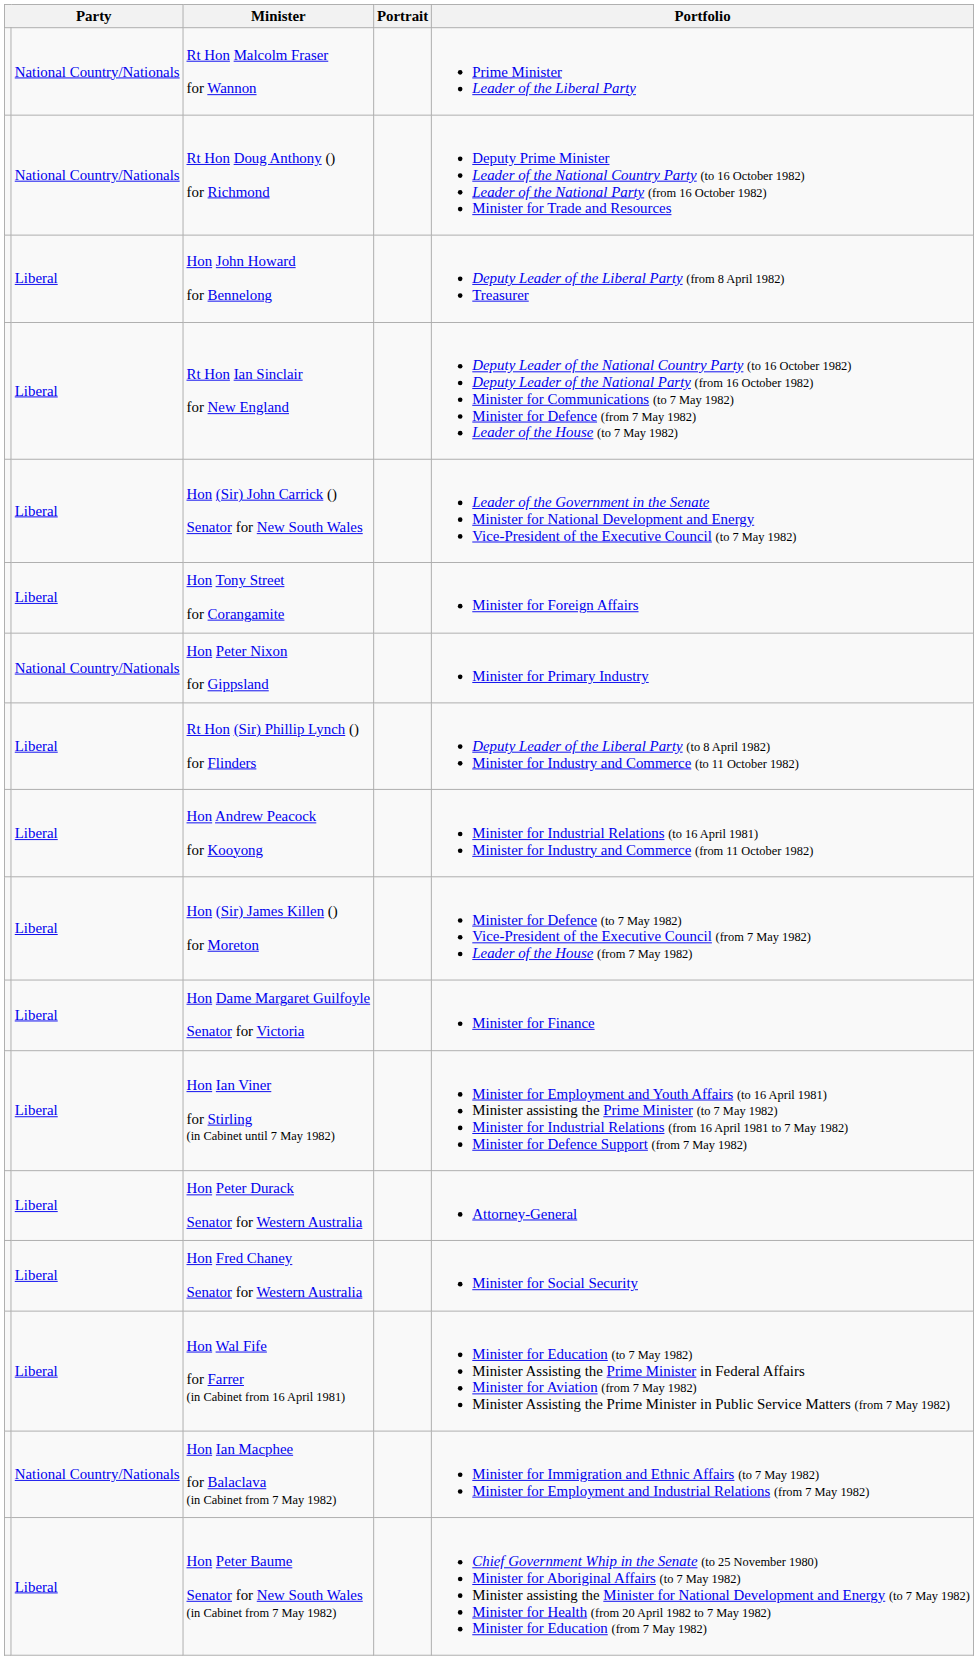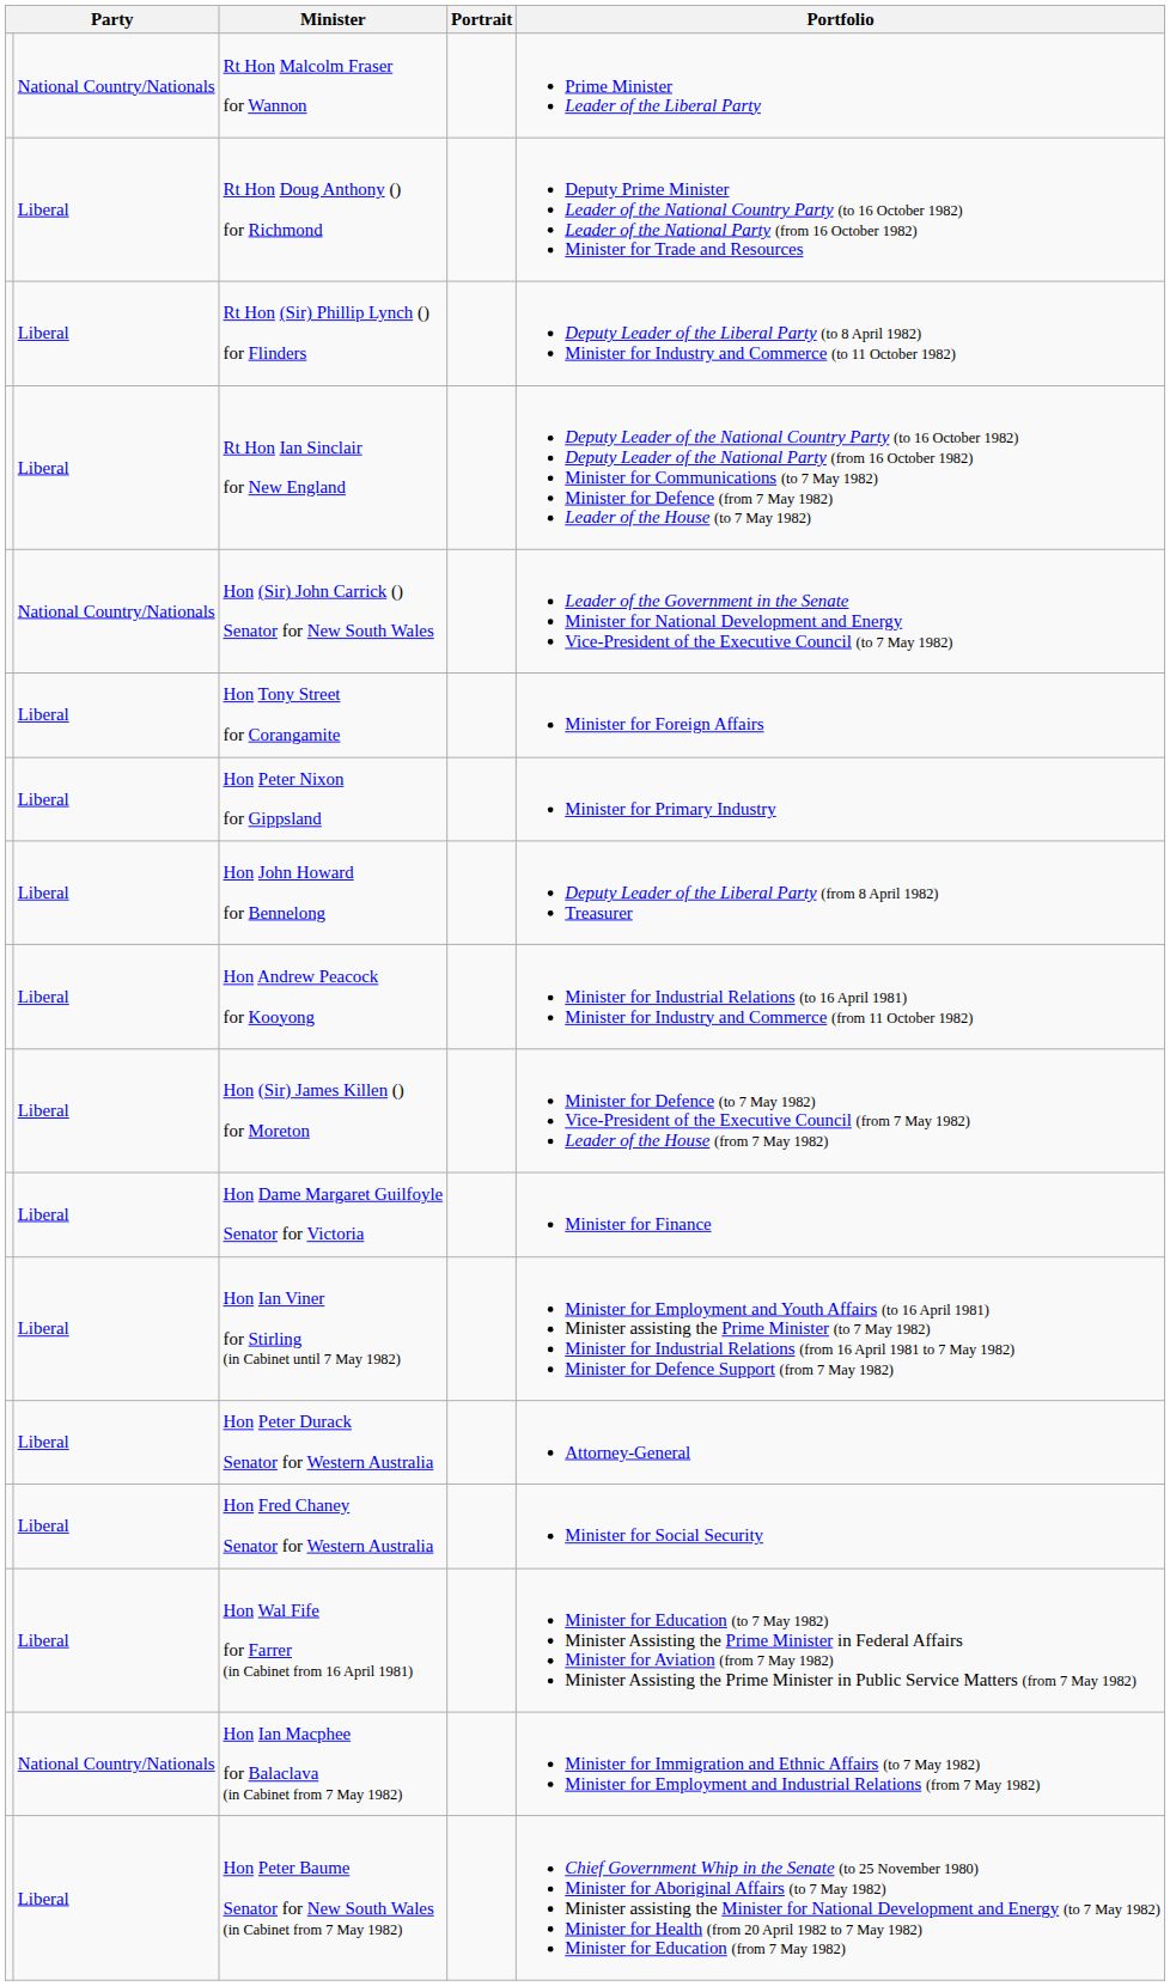 <table class="wikitable sortable">
 <tr>
 <th colspan="2">Party</th>
 <th>Minister</th>
 <th>Portrait</th>
 <th>Portfolio</th>
 </tr>
 <tr>
 <td></td>
 <td><a href='#'>National Country/Nationals</a></td>
 <td><a href='#'>Rt Hon</a> <a href='#'>Malcolm Fraser</a>  <br><br> for <a href='#'>Wannon</a> <br></td>
 <td></td>
 <td><br><ul><li><a href='#'>Prime Minister</a></li><li><em><a href='#'>Leader of the Liberal Party</a></em></li></ul></td>
 </tr>
 <tr>
 <td></td>
-<td><a href='#'>National Country/Nationals</a></td>
+<td><a href='#'>Liberal</a></td>
 <td><a href='#'>Rt Hon</a> <a href='#'>Doug Anthony</a> () <br><br> for <a href='#'>Richmond</a> <br></td>
 <td></td>
 <td><br><ul><li><a href='#'>Deputy Prime Minister</a></li><li><em><a href='#'>Leader of the National Country Party</a></em> <small>(to 16 October 1982)</small></li><li><em><a href='#'>Leader of the National Party</a></em> <small>(from 16 October 1982)</small></li><li><a href='#'>Minister for Trade and Resources</a></li></ul></td>
 </tr>
 <tr>
 <td></td>
 <td><a href='#'>Liberal</a></td>
-<td><a href='#'>Hon</a> <a href='#'>John Howard</a> <br><br> for <a href='#'>Bennelong</a> <br></td>
+<td><a href='#'>Rt Hon</a> <a href='#'>(Sir) Phillip Lynch</a> () <br><br> for <a href='#'>Flinders</a> <br></td>
 <td></td>
-<td><br><ul><li><em><a href='#'>Deputy Leader of the Liberal Party</a></em> <small>(from 8 April 1982)</small></li><li><a href='#'>Treasurer</a></li></ul></td>
+<td><br><ul><li><em><a href='#'>Deputy Leader of the Liberal Party</a></em> <small>(to 8 April 1982)</small></li><li><a href='#'>Minister for Industry and Commerce</a> <small>(to 11 October 1982)</small></li></ul></td>
 </tr>
 <tr>
 <td></td>
 <td><a href='#'>Liberal</a></td>
 <td><a href='#'>Rt Hon</a> <a href='#'>Ian Sinclair</a> <br><br> for <a href='#'>New England</a> <br></td>
 <td></td>
 <td><br><ul><li><em><a href='#'>Deputy Leader of the National Country Party</a></em> <small>(to 16 October 1982)</small></li><li><em><a href='#'>Deputy Leader of the National Party</a></em> <small>(from 16 October 1982)</small></li><li><a href='#'>Minister for Communications</a> <small>(to 7 May 1982)</small></li><li><a href='#'>Minister for Defence</a> <small>(from 7 May 1982)</small></li><li><em><a href='#'>Leader of the House</a></em> <small>(to 7 May 1982)</small></li></ul></td>
 </tr>
 <tr>
 <td></td>
-<td><a href='#'>Liberal</a></td>
+<td><a href='#'>National Country/Nationals</a></td>
 <td><a href='#'>Hon</a> <a href='#'>(Sir) John Carrick</a> () <br><br><a href='#'>Senator</a> for <a href='#'>New South Wales</a> <br></td>
 <td></td>
 <td><br><ul><li><em><a href='#'>Leader of the Government in the Senate</a></em></li><li><a href='#'>Minister for National Development and Energy</a></li><li><a href='#'>Vice-President of the Executive Council</a> <small>(to 7 May 1982)</small></li></ul></td>
 </tr>
 <tr>
 <td></td>
 <td><a href='#'>Liberal</a></td>
 <td><a href='#'>Hon</a> <a href='#'>Tony Street</a> <br><br> for <a href='#'>Corangamite</a> <br></td>
 <td></td>
 <td><br><ul><li><a href='#'>Minister for Foreign Affairs</a></li></ul></td>
 </tr>
 <tr>
 <td></td>
-<td><a href='#'>National Country/Nationals</a></td>
+<td><a href='#'>Liberal</a></td>
 <td><a href='#'>Hon</a> <a href='#'>Peter Nixon</a> <br><br> for <a href='#'>Gippsland</a> <br></td>
 <td></td>
 <td><br><ul><li><a href='#'>Minister for Primary Industry</a></li></ul></td>
 </tr>
 <tr>
 <td></td>
 <td><a href='#'>Liberal</a></td>
-<td><a href='#'>Rt Hon</a> <a href='#'>(Sir) Phillip Lynch</a> () <br><br> for <a href='#'>Flinders</a> <br></td>
+<td><a href='#'>Hon</a> <a href='#'>John Howard</a> <br><br> for <a href='#'>Bennelong</a> <br></td>
 <td></td>
-<td><br><ul><li><em><a href='#'>Deputy Leader of the Liberal Party</a></em> <small>(to 8 April 1982)</small></li><li><a href='#'>Minister for Industry and Commerce</a> <small>(to 11 October 1982)</small></li></ul></td>
+<td><br><ul><li><em><a href='#'>Deputy Leader of the Liberal Party</a></em> <small>(from 8 April 1982)</small></li><li><a href='#'>Treasurer</a></li></ul></td>
 </tr>
 <tr>
 <td></td>
 <td><a href='#'>Liberal</a></td>
 <td><a href='#'>Hon</a> <a href='#'>Andrew Peacock</a> <br><br> for <a href='#'>Kooyong</a> <br></td>
 <td></td>
 <td><br><ul><li><a href='#'>Minister for Industrial Relations</a> <small>(to 16 April 1981)</small></li><li><a href='#'>Minister for Industry and Commerce</a> <small>(from 11 October 1982)</small></li></ul></td>
 </tr>
 <tr>
 <td></td>
 <td><a href='#'>Liberal</a></td>
 <td><a href='#'>Hon</a> <a href='#'>(Sir) James Killen</a> () <br><br> for <a href='#'>Moreton</a> <br></td>
 <td></td>
 <td><br><ul><li><a href='#'>Minister for Defence</a> <small>(to 7 May 1982)</small></li><li><a href='#'>Vice-President of the Executive Council</a> <small>(from 7 May 1982)</small></li><li><em><a href='#'>Leader of the House</a></em> <small>(from 7 May 1982)</small></li></ul></td>
 </tr>
 <tr>
 <td></td>
 <td><a href='#'>Liberal</a></td>
 <td><a href='#'>Hon</a> <a href='#'>Dame Margaret Guilfoyle</a>  <br><br><a href='#'>Senator</a> for <a href='#'>Victoria</a> <br></td>
 <td></td>
 <td><br><ul><li><a href='#'>Minister for Finance</a></li></ul></td>
 </tr>
 <tr>
 <td></td>
 <td><a href='#'>Liberal</a></td>
 <td><a href='#'>Hon</a> <a href='#'>Ian Viner</a> <br><br> for <a href='#'>Stirling</a> <br> <small>(in Cabinet until 7 May 1982)</small></td>
 <td></td>
 <td><br><ul><li><a href='#'>Minister for Employment and Youth Affairs</a> <small>(to 16 April 1981)</small></li><li>Minister assisting the <a href='#'>Prime Minister</a> <small>(to 7 May 1982)</small></li><li><a href='#'>Minister for Industrial Relations</a> <small>(from 16 April 1981 to 7 May 1982)</small></li><li><a href='#'>Minister for Defence Support</a> <small>(from 7 May 1982)</small></li></ul></td>
 </tr>
 <tr>
 <td></td>
 <td><a href='#'>Liberal</a></td>
 <td><a href='#'>Hon</a> <a href='#'>Peter Durack</a>  <br><br><a href='#'>Senator</a> for <a href='#'>Western Australia</a> <br></td>
 <td></td>
 <td><br><ul><li><a href='#'>Attorney-General</a></li></ul></td>
 </tr>
 <tr>
 <td></td>
 <td><a href='#'>Liberal</a></td>
 <td><a href='#'>Hon</a> <a href='#'>Fred Chaney</a> <br><br><a href='#'>Senator</a> for <a href='#'>Western Australia</a> <br></td>
 <td></td>
 <td><br><ul><li><a href='#'>Minister for Social Security</a></li></ul></td>
 </tr>
 <tr>
 <td></td>
 <td><a href='#'>Liberal</a></td>
 <td><a href='#'>Hon</a> <a href='#'>Wal Fife</a> <br><br> for <a href='#'>Farrer</a> <br> <small>(in Cabinet from 16 April 1981)</small></td>
 <td></td>
 <td><br><ul><li><a href='#'>Minister for Education</a> <small>(to 7 May 1982)</small></li><li>Minister Assisting the <a href='#'>Prime Minister</a> in Federal Affairs</li><li><a href='#'>Minister for Aviation</a> <small>(from 7 May 1982)</small></li><li>Minister Assisting the Prime Minister in Public Service Matters <small>(from 7 May 1982)</small></li></ul></td>
 </tr>
 <tr>
 <td></td>
 <td><a href='#'>National Country/Nationals</a></td>
 <td><a href='#'>Hon</a> <a href='#'>Ian Macphee</a> <br><br> for <a href='#'>Balaclava</a> <br> <small>(in Cabinet from 7 May 1982)</small></td>
 <td></td>
 <td><br><ul><li><a href='#'>Minister for Immigration and Ethnic Affairs</a> <small>(to 7 May 1982)</small></li><li><a href='#'>Minister for Employment and Industrial Relations</a> <small>(from 7 May 1982)</small></li></ul></td>
 </tr>
 <tr>
 <td></td>
 <td><a href='#'>Liberal</a></td>
 <td><a href='#'>Hon</a> <a href='#'>Peter Baume</a> <br><br><a href='#'>Senator</a> for <a href='#'>New South Wales</a> <br> <small>(in Cabinet from 7 May 1982)</small></td>
 <td></td>
 <td><br><ul><li><em><a href='#'>Chief Government Whip in the Senate</a></em> <small>(to 25 November 1980)</small></li><li><a href='#'>Minister for Aboriginal Affairs</a> <small>(to 7 May 1982)</small></li><li>Minister assisting the <a href='#'>Minister for National Development and Energy</a> <small>(to 7 May 1982)</small></li><li><a href='#'>Minister for Health</a> <small>(from 20 April 1982 to 7 May 1982)</small></li><li><a href='#'>Minister for Education</a> <small>(from 7 May 1982)</small></li></ul></td>
 </tr>
 </table>
